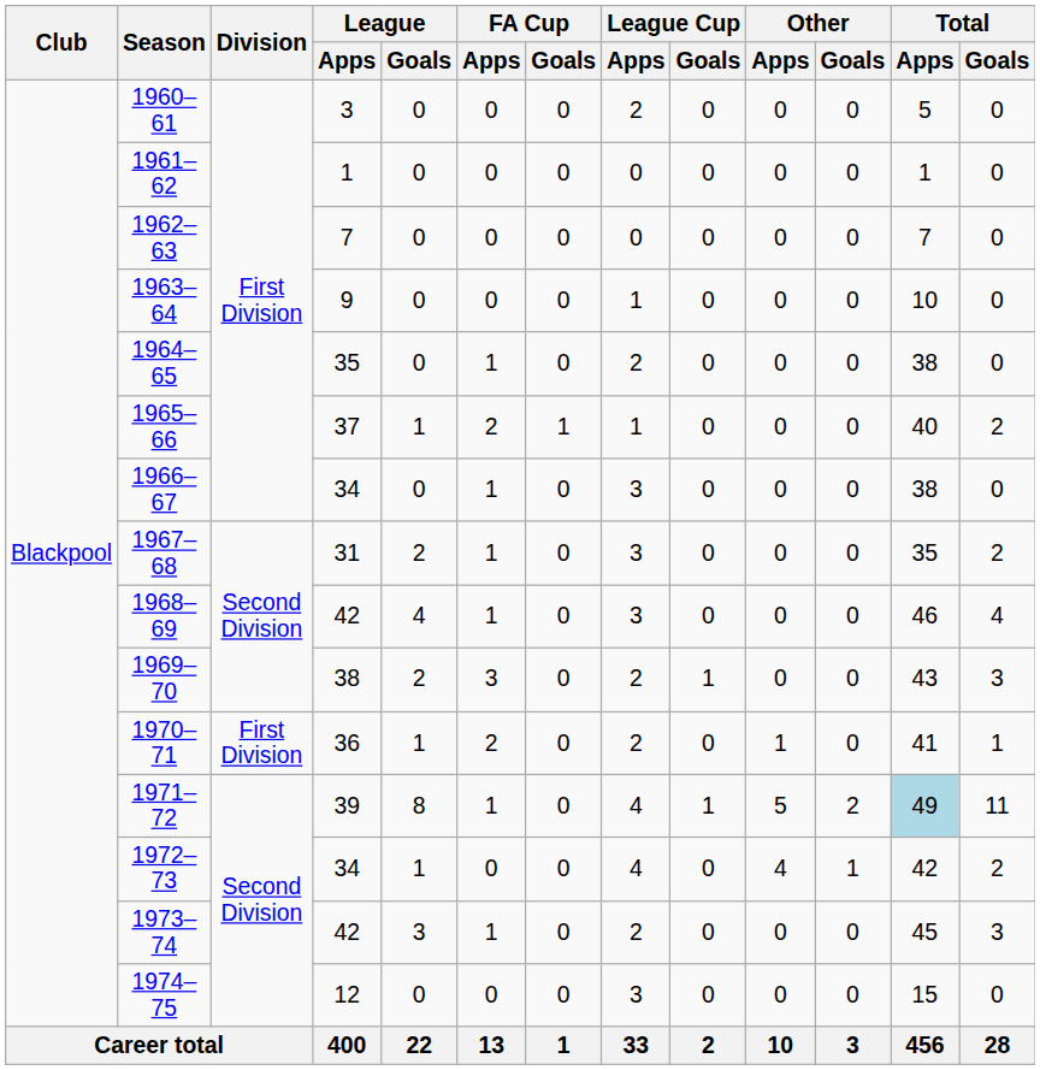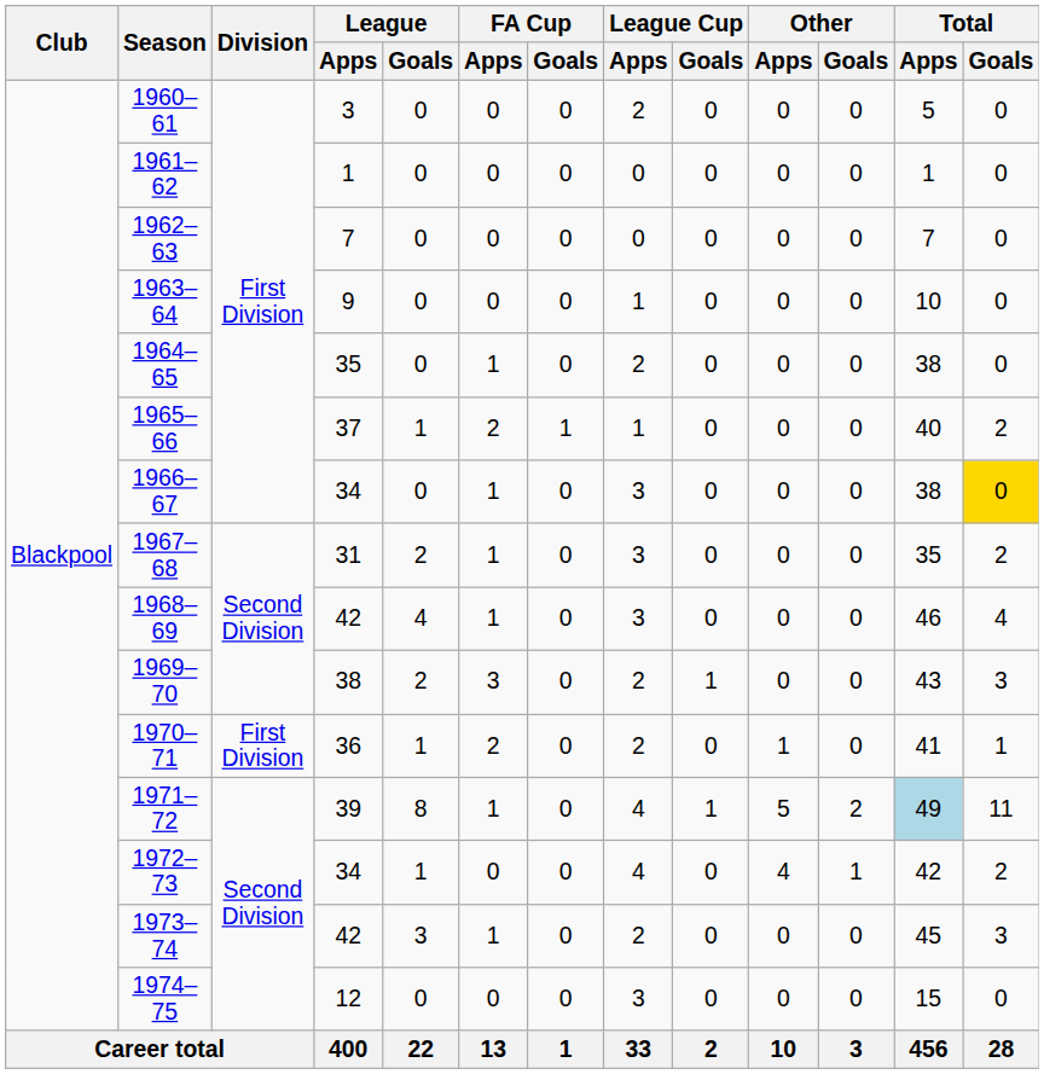 <table class="wikitable" style="text-align:center;">
 <tr>
 <th rowspan="2">Club</th>
 <th rowspan="2">Season</th>
 <th rowspan="2">Division</th>
 <th colspan="2">League</th>
 <th colspan="2">FA Cup</th>
 <th colspan="2">League Cup</th>
 <th colspan="2">Other</th>
 <th colspan="2">Total</th>
 </tr>
 <tr>
 <th>Apps</th>
 <th>Goals</th>
 <th>Apps</th>
 <th>Goals</th>
 <th>Apps</th>
 <th>Goals</th>
 <th>Apps</th>
 <th>Goals</th>
 <th>Apps</th>
 <th>Goals</th>
 </tr>
 <tr>
 <td rowspan="15"><a href='#'>Blackpool</a></td>
 <td><a href='#'>1960–61</a></td>
 <td rowspan="7"><a href='#'>First Division</a></td>
 <td>3</td>
 <td>0</td>
 <td>0</td>
 <td>0</td>
 <td>2</td>
 <td>0</td>
 <td>0</td>
 <td>0</td>
 <td>5</td>
 <td>0</td>
 </tr>
 <tr>
 <td><a href='#'>1961–62</a></td>
 <td>1</td>
 <td>0</td>
 <td>0</td>
 <td>0</td>
 <td>0</td>
 <td>0</td>
 <td>0</td>
 <td>0</td>
 <td>1</td>
 <td>0</td>
 </tr>
 <tr>
 <td><a href='#'>1962–63</a></td>
 <td>7</td>
 <td>0</td>
 <td>0</td>
 <td>0</td>
 <td>0</td>
 <td>0</td>
 <td>0</td>
 <td>0</td>
 <td>7</td>
 <td>0</td>
 </tr>
 <tr>
 <td><a href='#'>1963–64</a></td>
 <td>9</td>
 <td>0</td>
 <td>0</td>
 <td>0</td>
 <td>1</td>
 <td>0</td>
 <td>0</td>
 <td>0</td>
 <td>10</td>
 <td>0</td>
 </tr>
 <tr>
 <td><a href='#'>1964–65</a></td>
 <td>35</td>
 <td>0</td>
 <td>1</td>
 <td>0</td>
 <td>2</td>
 <td>0</td>
 <td>0</td>
 <td>0</td>
 <td>38</td>
 <td>0</td>
 </tr>
 <tr>
 <td><a href='#'>1965–66</a></td>
 <td>37</td>
 <td>1</td>
 <td>2</td>
 <td>1</td>
 <td>1</td>
 <td>0</td>
 <td>0</td>
 <td>0</td>
 <td>40</td>
 <td>2</td>
 </tr>
 <tr>
 <td><a href='#'>1966–67</a></td>
 <td>34</td>
 <td>0</td>
 <td>1</td>
 <td>0</td>
 <td>3</td>
 <td>0</td>
 <td>0</td>
 <td>0</td>
 <td>38</td>
-<td>0</td>
+<td style="background: gold;">0</td>
 </tr>
 <tr>
 <td><a href='#'>1967–68</a></td>
 <td rowspan="3"><a href='#'>Second Division</a></td>
 <td>31</td>
 <td>2</td>
 <td>1</td>
 <td>0</td>
 <td>3</td>
 <td>0</td>
 <td>0</td>
 <td>0</td>
 <td>35</td>
 <td>2</td>
 </tr>
 <tr>
 <td><a href='#'>1968–69</a></td>
 <td>42</td>
 <td>4</td>
 <td>1</td>
 <td>0</td>
 <td>3</td>
 <td>0</td>
 <td>0</td>
 <td>0</td>
 <td>46</td>
 <td>4</td>
 </tr>
 <tr>
 <td><a href='#'>1969–70</a></td>
 <td>38</td>
 <td>2</td>
 <td>3</td>
 <td>0</td>
 <td>2</td>
 <td>1</td>
 <td>0</td>
 <td>0</td>
 <td>43</td>
 <td>3</td>
 </tr>
 <tr>
 <td><a href='#'>1970–71</a></td>
 <td rowspan="1"><a href='#'>First Division</a></td>
 <td>36</td>
 <td>1</td>
 <td>2</td>
 <td>0</td>
 <td>2</td>
 <td>0</td>
 <td>1</td>
 <td>0</td>
 <td>41</td>
 <td>1</td>
 </tr>
 <tr>
 <td><a href='#'>1971–72</a></td>
 <td rowspan="4"><a href='#'>Second Division</a></td>
 <td>39</td>
 <td>8</td>
 <td>1</td>
 <td>0</td>
 <td>4</td>
 <td>1</td>
 <td>5</td>
 <td>2</td>
 <td style="background: lightblue;">49</td>
 <td>11</td>
 </tr>
 <tr>
 <td><a href='#'>1972–73</a></td>
 <td>34</td>
 <td>1</td>
 <td>0</td>
 <td>0</td>
 <td>4</td>
 <td>0</td>
 <td>4</td>
 <td>1</td>
 <td>42</td>
 <td>2</td>
 </tr>
 <tr>
 <td><a href='#'>1973–74</a></td>
 <td>42</td>
 <td>3</td>
 <td>1</td>
 <td>0</td>
 <td>2</td>
 <td>0</td>
 <td>0</td>
 <td>0</td>
 <td>45</td>
 <td>3</td>
 </tr>
 <tr>
 <td><a href='#'>1974–75</a></td>
 <td>12</td>
 <td>0</td>
 <td>0</td>
 <td>0</td>
 <td>3</td>
 <td>0</td>
 <td>0</td>
 <td>0</td>
 <td>15</td>
 <td>0</td>
 </tr>
 <tr>
 <th colspan="3">Career total</th>
 <th>400</th>
 <th>22</th>
 <th>13</th>
 <th>1</th>
 <th>33</th>
 <th>2</th>
 <th>10</th>
 <th>3</th>
 <th>456</th>
 <th>28</th>
 </tr>
 </table>
